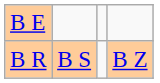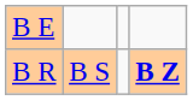 <table class="wikitable">
 <tr>
 <td style="background: #FFCC99;"><a href='#'>B E</a></td>
 <td></td>
 <td></td>
 </tr>
 <tr>
 <td style="background: #FFCC99;"><a href='#'>B R</a></td>
 <td style="background: #FFCC99;"><a href='#'>B S</a></td>
 <td></td>
-<td style="background: #FFCC99;"><a href='#'>B Z</a></td>
+<td style="background: #FFCC99;"><strong><a href='#'>B Z</a></strong></td>
 </tr>
 </table>
